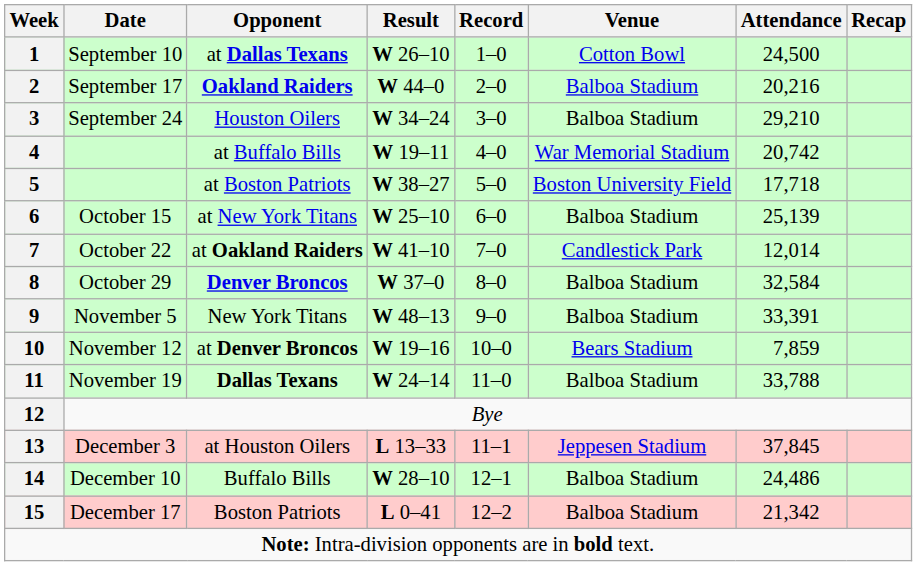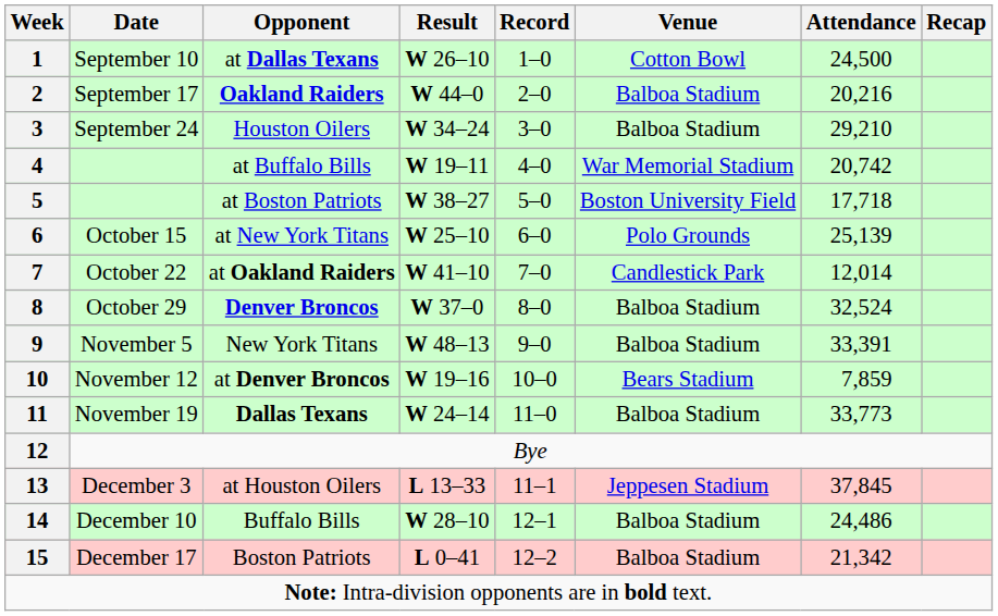 <table class="wikitable" style="text-align:center">
 <tr>
 <th>Week</th>
 <th>Date</th>
 <th>Opponent</th>
 <th>Result</th>
 <th>Record</th>
 <th>Venue</th>
 <th>Attendance</th>
 <th>Recap</th>
 </tr>
 <tr style="background: #cfc;">
 <th>1</th>
 <td>September 10</td>
 <td>at <strong><a href='#'>Dallas Texans</a></strong></td>
 <td><strong>W</strong> 26–10</td>
 <td>1–0</td>
 <td><a href='#'>Cotton Bowl</a></td>
 <td>24,500</td>
 <td></td>
 </tr>
 <tr style="background: #cfc;">
 <th>2</th>
 <td>September 17</td>
 <td><strong><a href='#'>Oakland Raiders</a></strong></td>
 <td><strong>W</strong> 44–0</td>
 <td>2–0</td>
 <td><a href='#'>Balboa Stadium</a></td>
 <td>20,216</td>
 <td></td>
 </tr>
 <tr style="background: #cfc;">
 <th>3</th>
 <td>September 24</td>
 <td><a href='#'>Houston Oilers</a></td>
 <td><strong>W</strong> 34–24</td>
 <td>3–0</td>
 <td>Balboa Stadium</td>
 <td>29,210</td>
 <td></td>
 </tr>
 <tr style="background: #cfc;">
 <th>4</th>
 <td></td>
 <td>at <a href='#'>Buffalo Bills</a></td>
 <td><strong>W</strong> 19–11</td>
 <td>4–0</td>
 <td><a href='#'>War Memorial Stadium</a></td>
 <td>20,742</td>
 <td></td>
 </tr>
 <tr style="background: #cfc;">
 <th>5</th>
 <td></td>
 <td>at <a href='#'>Boston Patriots</a></td>
 <td><strong>W</strong> 38–27</td>
 <td>5–0</td>
 <td><a href='#'>Boston University Field</a></td>
 <td>17,718</td>
 <td></td>
 </tr>
 <tr style="background: #cfc;">
 <th>6</th>
 <td>October 15</td>
 <td>at <a href='#'>New York Titans</a></td>
 <td><strong>W</strong> 25–10</td>
 <td>6–0</td>
-<td>Balboa Stadium</td>
+<td><a href='#'>Polo Grounds</a></td>
 <td>25,139</td>
 <td></td>
 </tr>
 <tr style="background: #cfc;">
 <th>7</th>
 <td>October 22</td>
 <td>at <strong>Oakland Raiders</strong></td>
 <td><strong>W</strong> 41–10</td>
 <td>7–0</td>
 <td><a href='#'>Candlestick Park</a></td>
 <td>12,014</td>
 <td></td>
 </tr>
 <tr style="background: #cfc;">
 <th>8</th>
 <td>October 29</td>
 <td><strong><a href='#'>Denver Broncos</a></strong></td>
 <td><strong>W</strong> 37–0</td>
 <td>8–0</td>
 <td>Balboa Stadium</td>
-<td>32,584</td>
+<td>32,524</td>
 <td></td>
 </tr>
 <tr style="background: #cfc;">
 <th>9</th>
 <td>November 5</td>
 <td>New York Titans</td>
 <td><strong>W</strong> 48–13</td>
 <td>9–0</td>
 <td>Balboa Stadium</td>
 <td>33,391</td>
 <td></td>
 </tr>
 <tr style="background: #cfc;">
 <th>10</th>
 <td>November 12</td>
 <td>at <strong>Denver Broncos</strong></td>
 <td><strong>W</strong> 19–16</td>
 <td>10–0</td>
 <td><a href='#'>Bears Stadium</a></td>
 <td>  7,859</td>
 <td></td>
 </tr>
 <tr style="background: #cfc;">
 <th>11</th>
 <td>November 19</td>
 <td><strong>Dallas Texans</strong></td>
 <td><strong>W</strong> 24–14</td>
 <td>11–0</td>
 <td>Balboa Stadium</td>
-<td>33,788</td>
+<td>33,773</td>
 <td></td>
 </tr>
 <tr>
 <th>12</th>
 <td align=center colspan=7><em>Bye</em></td>
 </tr>
 <tr style="background: #fcc;">
 <th>13</th>
 <td>December 3</td>
 <td>at Houston Oilers</td>
 <td><strong>L</strong> 13–33</td>
 <td>11–1</td>
 <td><a href='#'>Jeppesen Stadium</a></td>
 <td>37,845</td>
 <td></td>
 </tr>
 <tr style="background: #cfc;">
 <th>14</th>
 <td>December 10</td>
 <td>Buffalo Bills</td>
 <td><strong>W</strong> 28–10</td>
 <td>12–1</td>
 <td>Balboa Stadium</td>
 <td>24,486</td>
 <td></td>
 </tr>
 <tr style="background: #fcc;">
 <th>15</th>
 <td>December 17</td>
 <td>Boston Patriots</td>
 <td><strong>L</strong> 0–41</td>
 <td>12–2</td>
 <td>Balboa Stadium</td>
 <td>21,342</td>
 <td></td>
 </tr>
 <tr>
 <td colspan="8"><strong>Note:</strong> Intra-division opponents are in <strong>bold</strong> text.</td>
 </tr>
 </table>
